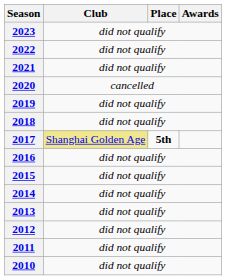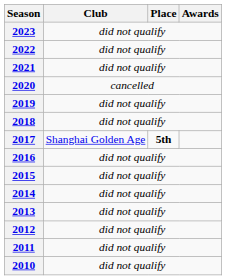 <table class="wikitable">
 <tr>
 <th>Season</th>
 <th>Club</th>
 <th>Place</th>
 <th>Awards</th>
 </tr>
 <tr>
 <th><a href='#'>2023</a></th>
 <td colspan=3 style="text-align:center"><em>did not qualify</em></td>
 </tr>
 <tr>
 <th><a href='#'>2022</a></th>
 <td colspan=3 style="text-align:center"><em>did not qualify</em></td>
 </tr>
 <tr>
 <th><a href='#'>2021</a></th>
 <td colspan=3 style="text-align:center"><em>did not qualify</em></td>
 </tr>
 <tr>
 <th><a href='#'>2020</a></th>
 <td colspan=3 style="text-align:center"><em>cancelled</em></td>
 </tr>
 <tr>
 <th><a href='#'>2019</a></th>
 <td colspan=3 style="text-align:center"><em>did not qualify</em></td>
 </tr>
 <tr>
 <th><a href='#'>2018</a></th>
 <td colspan=3 style="text-align:center"><em>did not qualify</em></td>
 </tr>
 <tr>
 <th><a href='#'>2017</a></th>
-<td style="background: khaki;"><a href='#'>Shanghai Golden Age</a></td>
+<td><a href='#'>Shanghai Golden Age</a></td>
 <td style="text-align:center"><strong>5th</strong></td>
 <td></td>
 </tr>
 <tr>
 <th><a href='#'>2016</a></th>
 <td colspan=3 style="text-align:center"><em>did not qualify</em></td>
 </tr>
 <tr>
 <th><a href='#'>2015</a></th>
 <td colspan=3 style="text-align:center"><em>did not qualify</em></td>
 </tr>
 <tr>
 <th><a href='#'>2014</a></th>
 <td colspan=3 style="text-align:center"><em>did not qualify</em></td>
 </tr>
 <tr>
 <th><a href='#'>2013</a></th>
 <td colspan=3 style="text-align:center"><em>did not qualify</em></td>
 </tr>
 <tr>
 <th><a href='#'>2012</a></th>
 <td colspan=3 style="text-align:center"><em>did not qualify</em></td>
 </tr>
 <tr>
 <th><a href='#'>2011</a></th>
 <td colspan=3 style="text-align:center"><em>did not qualify</em></td>
 </tr>
 <tr>
 <th><a href='#'>2010</a></th>
 <td colspan=3 style="text-align:center"><em>did not qualify</em></td>
 </tr>
 </table>
